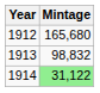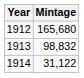 <table class="wikitable" style="text-align:right;">
 <tr>
 <th>Year</th>
 <th>Mintage</th>
 </tr>
 <tr>
 <td>1912</td>
 <td>165,680</td>
 </tr>
 <tr>
 <td>1913</td>
 <td>98,832</td>
 </tr>
 <tr>
 <td>1914</td>
-<td style="background: lightgreen;">31,122</td>
+<td>31,122</td>
 </tr>
 </table>
